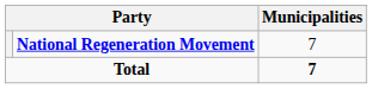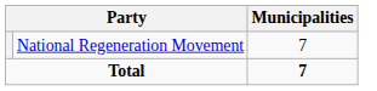 <table class="wikitable" style="text-align:center;">
 <tr>
 <th colspan="2">Party</th>
 <th>Municipalities</th>
 </tr>
 <tr>
 <th style="background-color:"></th>
-<td style="text-align:left;"><strong><a href='#'>National Regeneration Movement</a></strong></td>
+<td style="text-align:left;"><a href='#'>National Regeneration Movement</a></td>
 <td>7</td>
 </tr>
 <tr>
 <td colspan="2"><strong>Total</strong></td>
 <td><strong>7</strong></td>
 </tr>
 </table>
